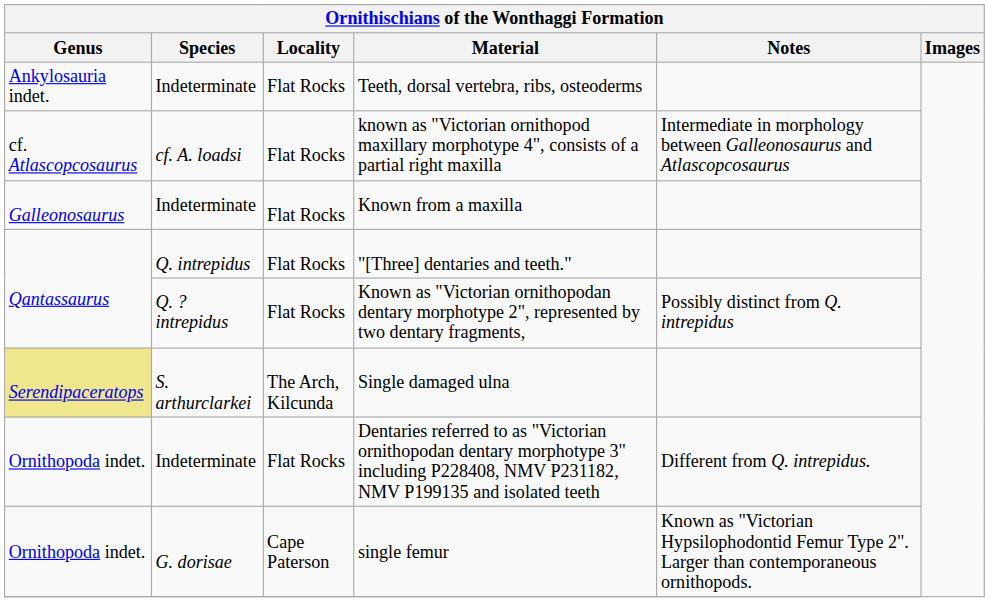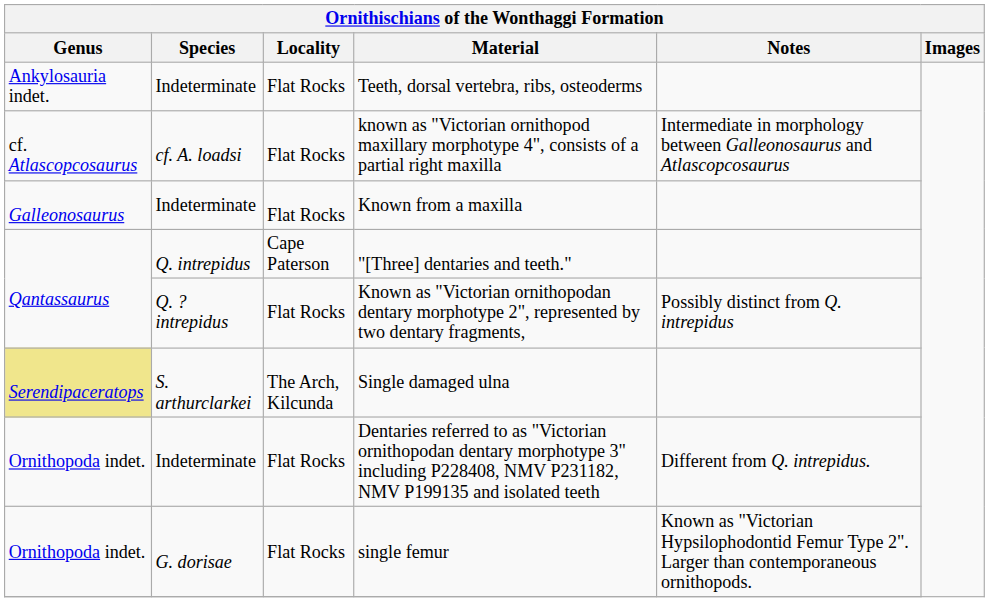 <table class="wikitable" align="center">
 <tr>
 <th colspan="6" align="center"><strong><a href='#'>Ornithischians</a> of the Wonthaggi Formation</strong></th>
 </tr>
 <tr>
 <th>Genus</th>
 <th>Species</th>
 <th>Locality</th>
 <th>Material</th>
 <th>Notes</th>
 <th>Images</th>
 </tr>
 <tr>
 <td><a href='#'>Ankylosauria</a> indet.</td>
 <td>Indeterminate</td>
 <td>Flat Rocks</td>
 <td>Teeth, dorsal vertebra, ribs, osteoderms</td>
 <td></td>
 <td rowspan="104"><br> </td>
 </tr>
 <tr>
 <td><br>cf. <em><a href='#'>Atlascopcosaurus</a></em></td>
 <td><br><em>cf. A. loadsi</em></td>
 <td><br>Flat Rocks</td>
 <td>known as "Victorian ornithopod maxillary morphotype 4", consists of a partial right maxilla</td>
 <td>Intermediate in morphology between <em>Galleonosaurus</em> and <em>Atlascopcosaurus</em></td>
 </tr>
 <tr>
 <td><br><em><a href='#'>Galleonosaurus</a></em></td>
 <td>Indeterminate</td>
 <td><br>Flat Rocks</td>
 <td>Known from a maxilla</td>
 <td></td>
 </tr>
 <tr>
 <td rowspan="2"><br><em><a href='#'>Qantassaurus</a></em></td>
 <td><br><em>Q. intrepidus</em></td>
-<td><br>Flat Rocks</td>
+<td>Cape Paterson</td>
 <td><br>"[Three] dentaries and teeth."</td>
 <td></td>
 </tr>
 <tr>
 <td><em>Q. ?intrepidus</em></td>
 <td>Flat Rocks</td>
 <td>Known as "Victorian ornithopodan dentary morphotype 2", represented by two dentary fragments,</td>
 <td>Possibly distinct from <em>Q. intrepidus</em></td>
 </tr>
 <tr>
 <td style="background: khaki;"><br><em><a href='#'>Serendipaceratops</a></em></td>
 <td><br><em>S. arthurclarkei</em></td>
 <td><br>The Arch, Kilcunda</td>
 <td>Single damaged ulna</td>
 <td></td>
 </tr>
 <tr>
 <td><a href='#'>Ornithopoda</a> indet.</td>
 <td>Indeterminate</td>
 <td>Flat Rocks</td>
 <td>Dentaries referred to as "Victorian ornithopodan dentary morphotype 3" including P228408, NMV P231182, NMV P199135 and isolated teeth</td>
 <td>Different from <em>Q. intrepidus.</em></td>
 </tr>
 <tr>
 <td><a href='#'>Ornithopoda</a> indet.</td>
 <td><br><em>G. dorisae</em></td>
-<td>Cape Paterson</td>
+<td>Flat Rocks</td>
 <td>single femur</td>
 <td>Known as "Victorian Hypsilophodontid Femur Type 2". Larger than contemporaneous ornithopods.</td>
 </tr>
 <tr>
 </tr>
 </table>
